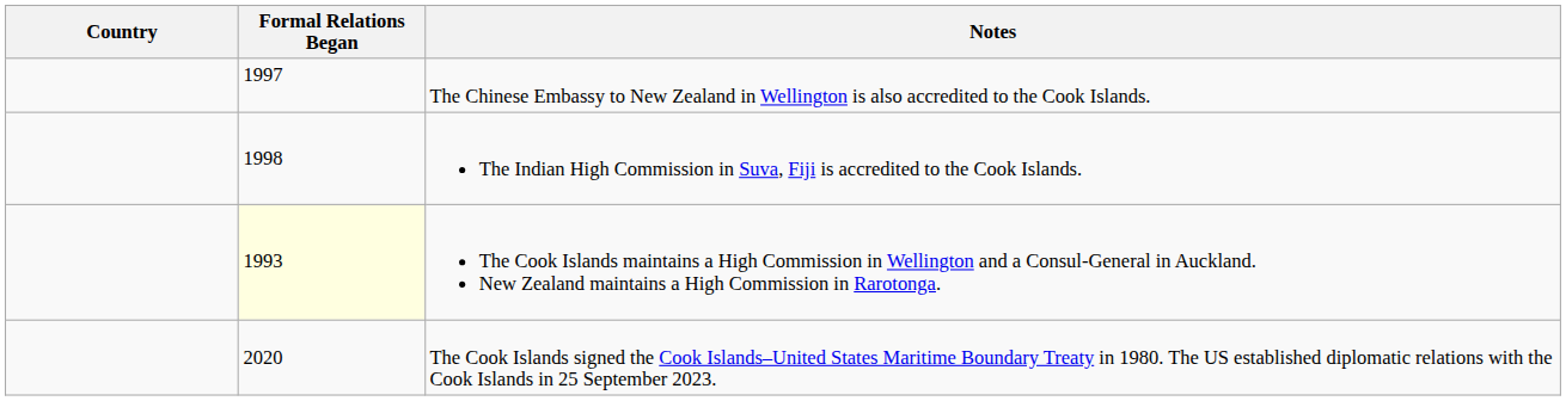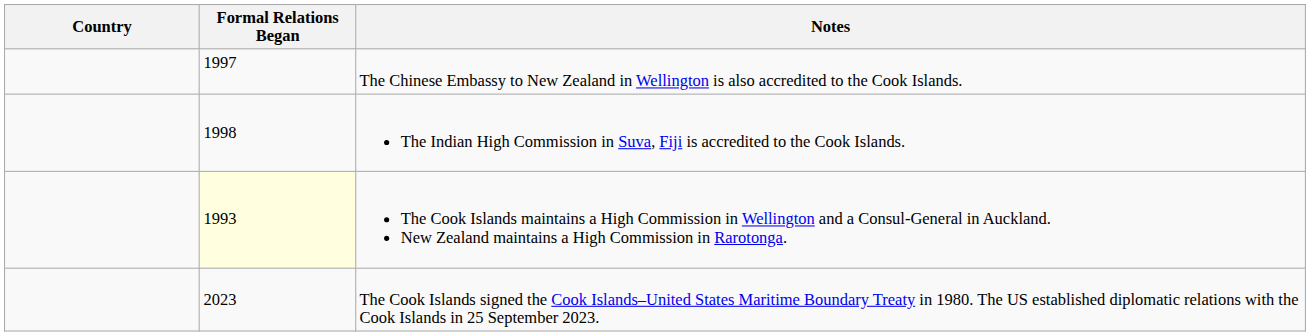 <table class="wikitable sortable" style="width:100%; margin:auto;">
 <tr>
 <th style="width:15%;">Country</th>
 <th style="width:12%;">Formal Relations Began</th>
 <th>Notes</th>
 </tr>
 <tr valign="top">
 <td></td>
 <td>1997</td>
 <td><br>The Chinese Embassy to New Zealand in <a href='#'>Wellington</a> is also accredited to the Cook Islands.</td>
 </tr>
 <tr>
 <td></td>
 <td>1998</td>
 <td><br><ul><li>The Indian High Commission in <a href='#'>Suva</a>, <a href='#'>Fiji</a> is accredited to the Cook Islands.</li></ul></td>
 </tr>
 <tr>
 <td></td>
 <td style="background: lightyellow;">1993</td>
 <td><br><ul><li>The Cook Islands maintains a High Commission in <a href='#'>Wellington</a> and a Consul-General in Auckland.</li><li>New Zealand maintains a High Commission in <a href='#'>Rarotonga</a>.</li></ul></td>
 </tr>
 <tr>
 <td></td>
-<td>2020</td>
+<td>2023</td>
 <td><br>The Cook Islands signed the <a href='#'>Cook Islands–United States Maritime Boundary Treaty</a> in 1980.  The US established diplomatic relations with the Cook Islands in 25 September 2023.</td>
 </tr>
 </table>
